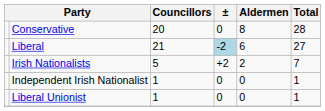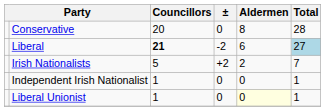 <table class="wikitable">
 <tr>
 <th colspan="2">Party</th>
 <th>Councillors</th>
 <th>  ±  </th>
 <th>Aldermen</th>
 <th>Total</th>
 </tr>
 <tr>
 <td style="background-color: "></td>
 <td><a href='#'>Conservative</a></td>
 <td>20</td>
 <td>0</td>
 <td>8</td>
 <td>28</td>
 </tr>
 <tr>
 <td style="background-color: "></td>
 <td><a href='#'>Liberal</a></td>
-<td>21</td>
-<td style="background: lightblue;">-2</td>
+<td><strong>21</strong></td>
+<td>-2</td>
 <td>6</td>
-<td>27</td>
+<td style="background: lightblue;">27</td>
 </tr>
 <tr>
 <td style="background-color: "></td>
 <td><a href='#'>Irish Nationalists</a></td>
 <td>5</td>
 <td>+2</td>
 <td>2</td>
 <td>7</td>
 </tr>
 <tr>
 <td style="background-color: "></td>
 <td>Independent Irish Nationalist</td>
 <td>1</td>
 <td>0</td>
 <td>0</td>
 <td>1</td>
 </tr>
 <tr>
 <td style="background-color: "></td>
 <td><a href='#'>Liberal Unionist</a></td>
 <td>1</td>
 <td>0</td>
-<td>0</td>
+<td style="background: lightyellow;">0</td>
 <td>1</td>
 </tr>
 <tr>
 </tr>
 </table>
